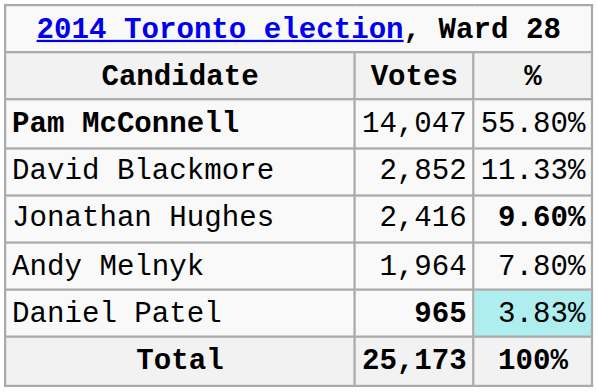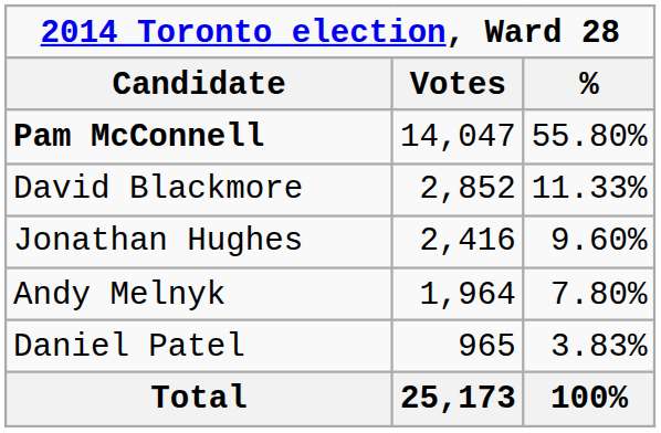 <table class="wikitable">
 <tr>
 <td Colspan="3" align="center"><strong><a href='#'>2014 Toronto election</a>, Ward 28</strong></td>
 </tr>
 <tr>
 <th width="150" bgcolor="#ddddff">Candidate</th>
 <th bgcolor="#ddddff">Votes</th>
 <th bgcolor="#ddddff">%</th>
 </tr>
 <tr>
 <td><strong>Pam McConnell</strong></td>
 <td align=right>14,047</td>
 <td align=right>55.80%</td>
 </tr>
 <tr>
 <td>David Blackmore</td>
 <td align=right>2,852</td>
 <td align=right>11.33%</td>
 </tr>
 <tr>
 <td>Jonathan Hughes</td>
 <td align=right>2,416</td>
-<td align=right><strong>9.60%</strong></td>
+<td align=right>9.60%</td>
 </tr>
 <tr>
 <td>Andy Melnyk</td>
 <td align=right>1,964</td>
 <td align=right>7.80%</td>
 </tr>
 <tr>
 <td>Daniel Patel</td>
-<td align=right><strong>965</strong></td>
-<td align=right style="background: paleturquoise;">3.83%</td>
+<td align=right>965</td>
+<td align=right>3.83%</td>
 </tr>
 <tr>
 <th>Total</th>
 <th align=right>25,173</th>
 <th align=right>100%</th>
 </tr>
 </table>
